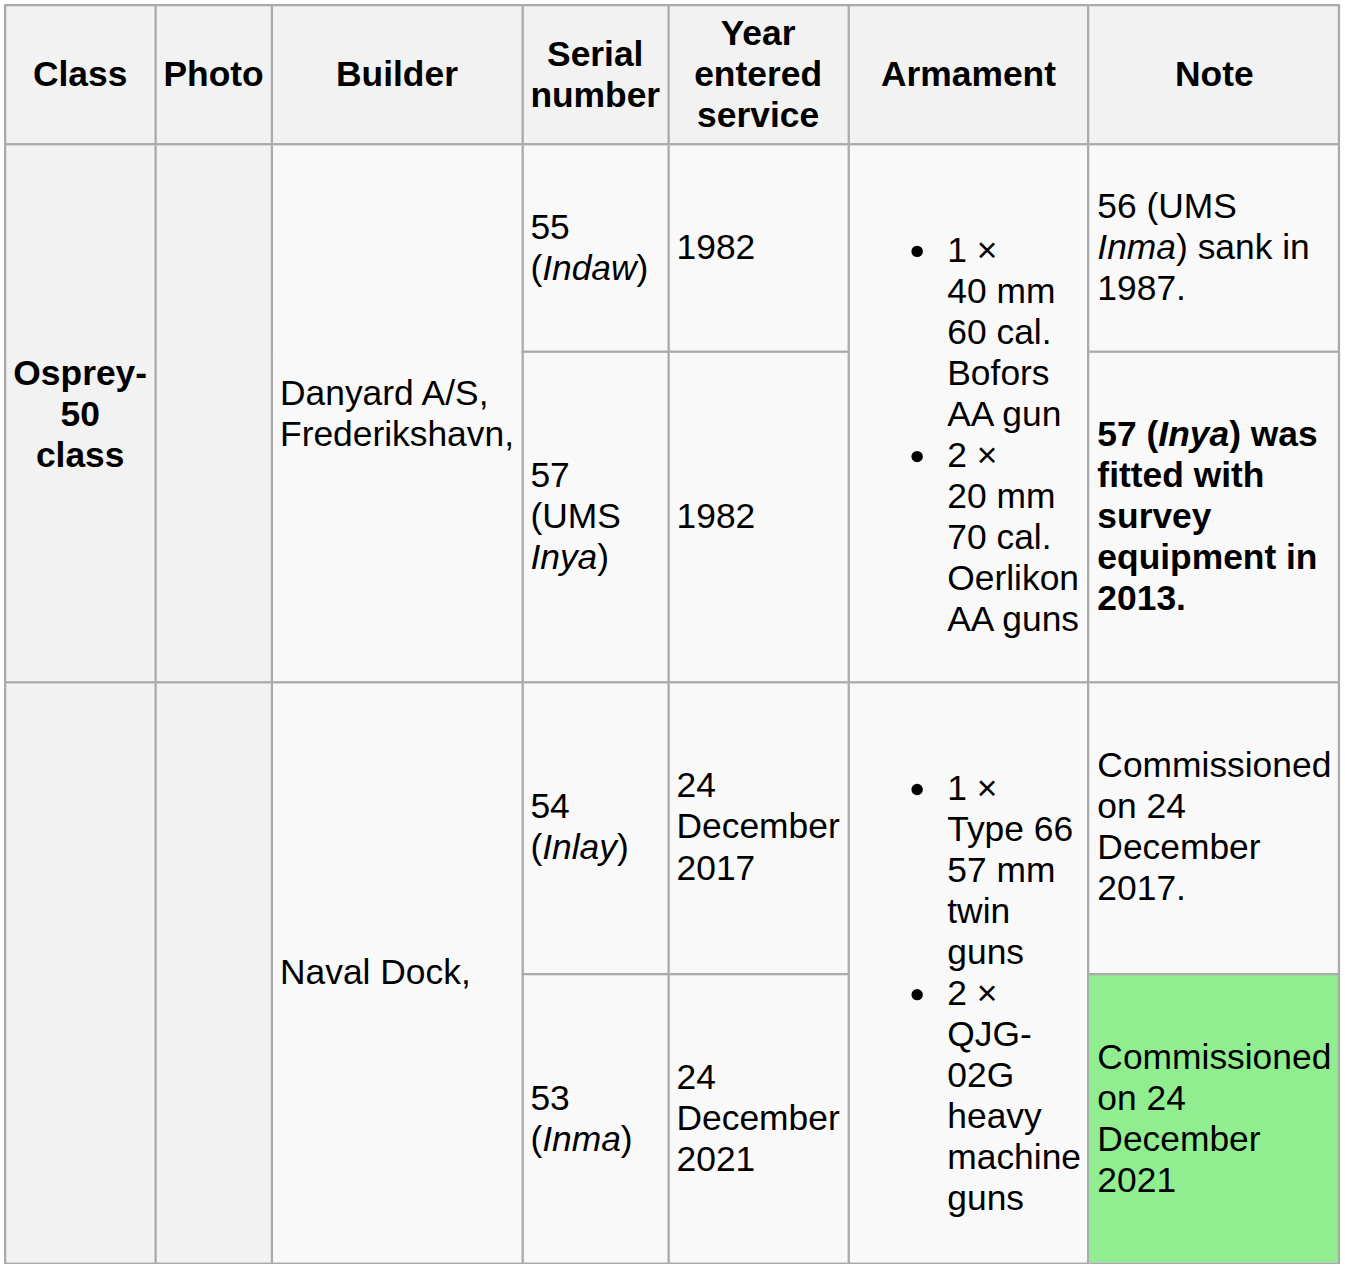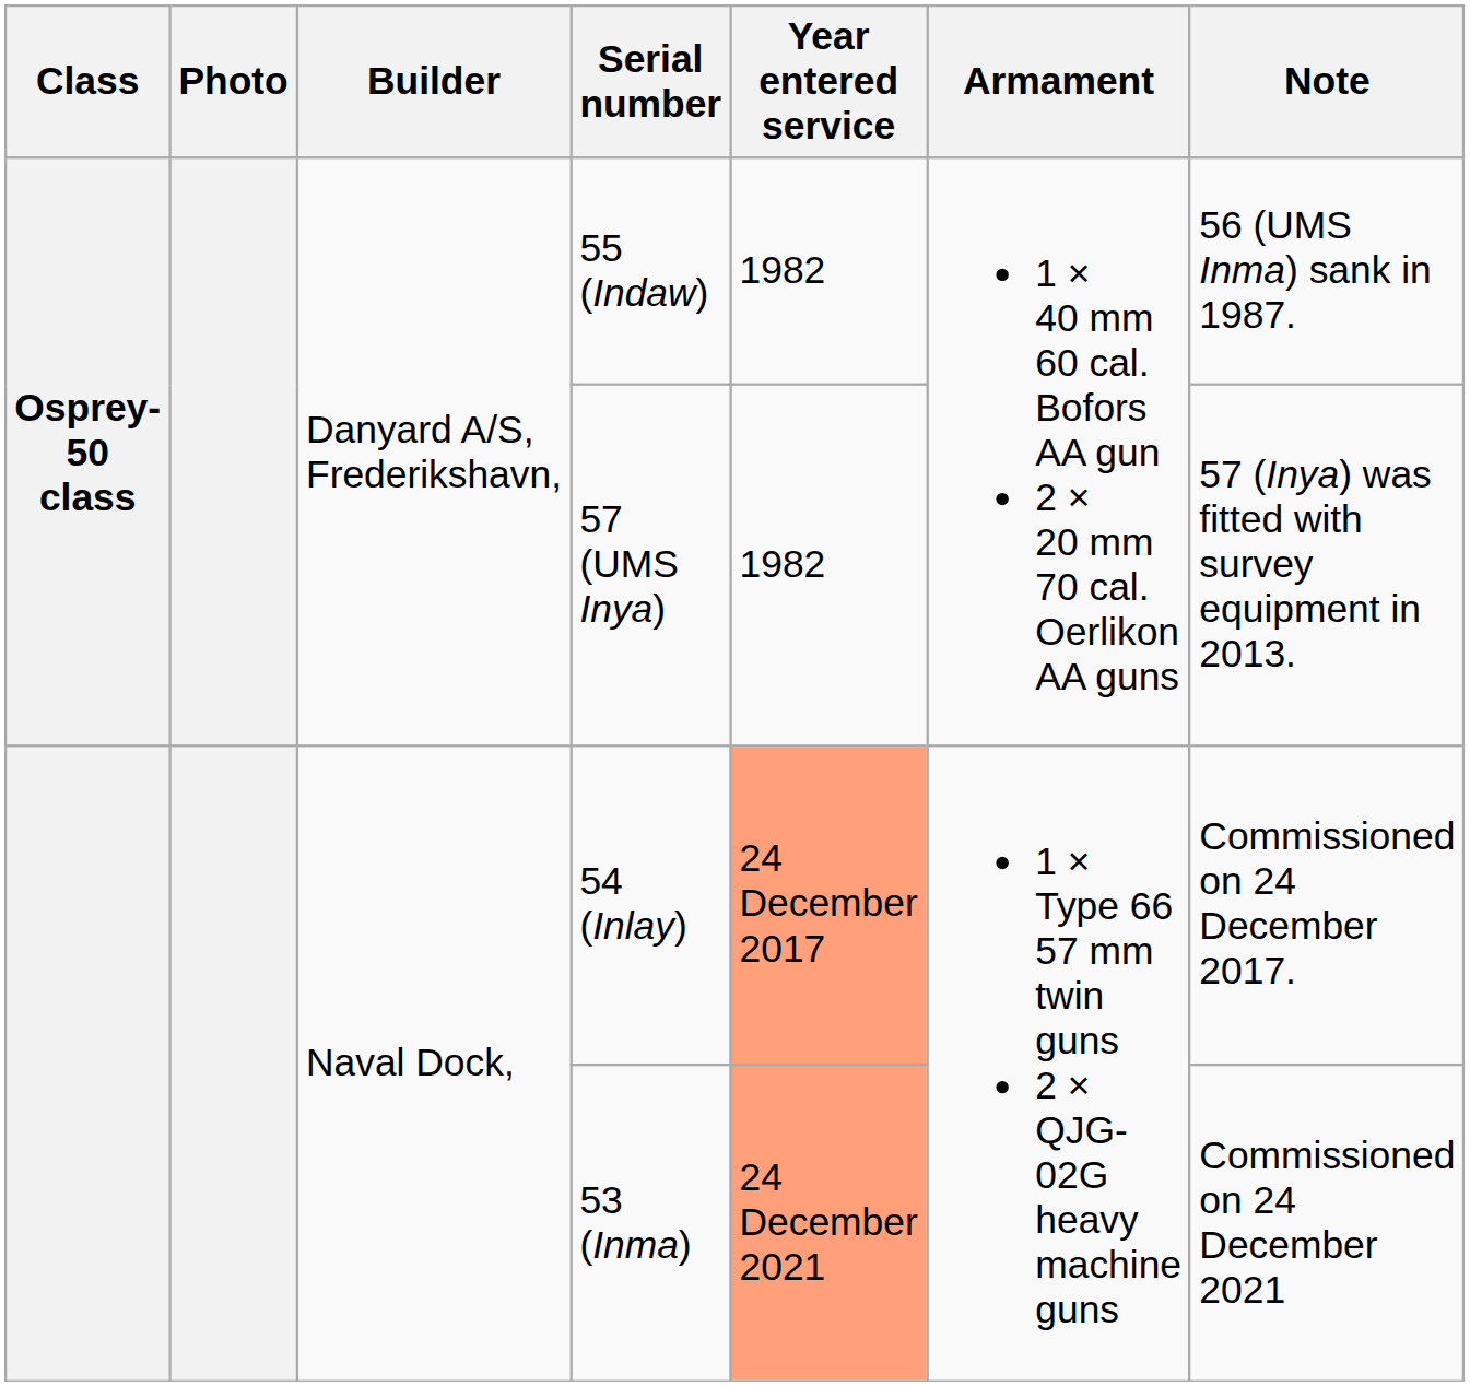 <table class="wikitable" style="font-size:97%; width:90%">
 <tr>
 <th>Class</th>
 <th>Photo</th>
 <th width="120">Builder</th>
 <th width="140">Serial number</th>
 <th>Year entered service</th>
 <th>Armament</th>
 <th>Note</th>
 </tr>
 <tr>
 <th rowspan="2">Osprey-50 class</th>
 <th rowspan="2"></th>
 <td rowspan="2">Danyard A/S, Frederikshavn, </td>
 <td>55 (<em>Indaw</em>)</td>
 <td>1982</td>
 <td rowspan="2"><br><ul><li>1 × 40 mm 60 cal. Bofors AA gun</li><li>2 × 20 mm 70 cal. Oerlikon AA guns</li></ul></td>
 <td>56 (UMS <em>Inma</em>) sank in 1987.</td>
 </tr>
 <tr>
 <td>57 (UMS <em>Inya</em>)</td>
 <td>1982</td>
-<td><strong>57 (<em>Inya</em>) was fitted with survey equipment in 2013.</strong></td>
+<td>57 (<em>Inya</em>) was fitted with survey equipment in 2013.</td>
 </tr>
 <tr>
 <th rowspan="2"></th>
 <th rowspan="2"></th>
 <td rowspan="2">Naval Dock, </td>
 <td>54 (<em>Inlay</em>)</td>
-<td>24 December 2017</td>
+<td style="background: lightsalmon;">24 December 2017</td>
 <td rowspan="2"><br><ul><li>1 × Type 66 57 mm twin guns</li><li>2 × QJG-02G heavy machine guns</li></ul></td>
 <td>Commissioned on 24 December 2017.</td>
 </tr>
 <tr>
 <td>53 (<em>Inma</em>)</td>
-<td>24 December 2021</td>
-<td style="background: lightgreen;">Commissioned on 24 December 2021</td>
+<td style="background: lightsalmon;">24 December 2021</td>
+<td>Commissioned on 24 December 2021</td>
 </tr>
 </table>
